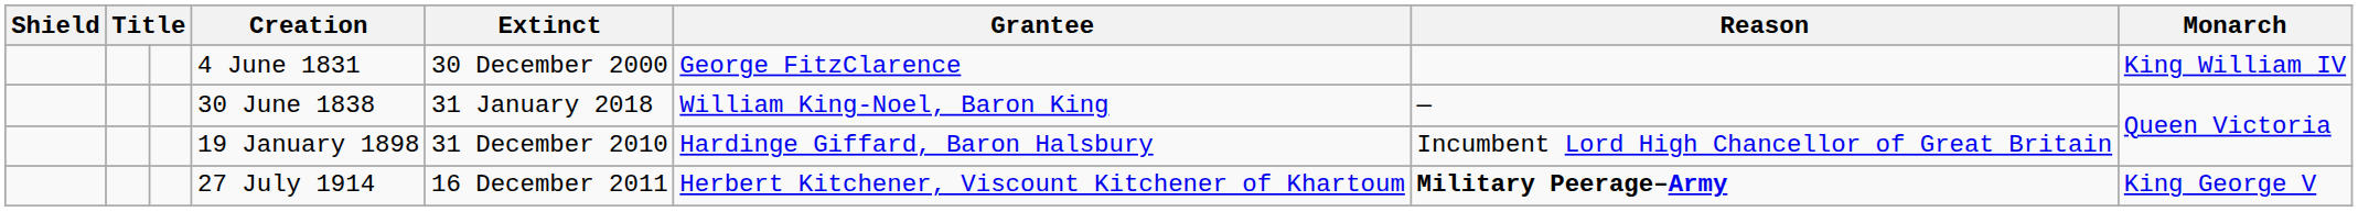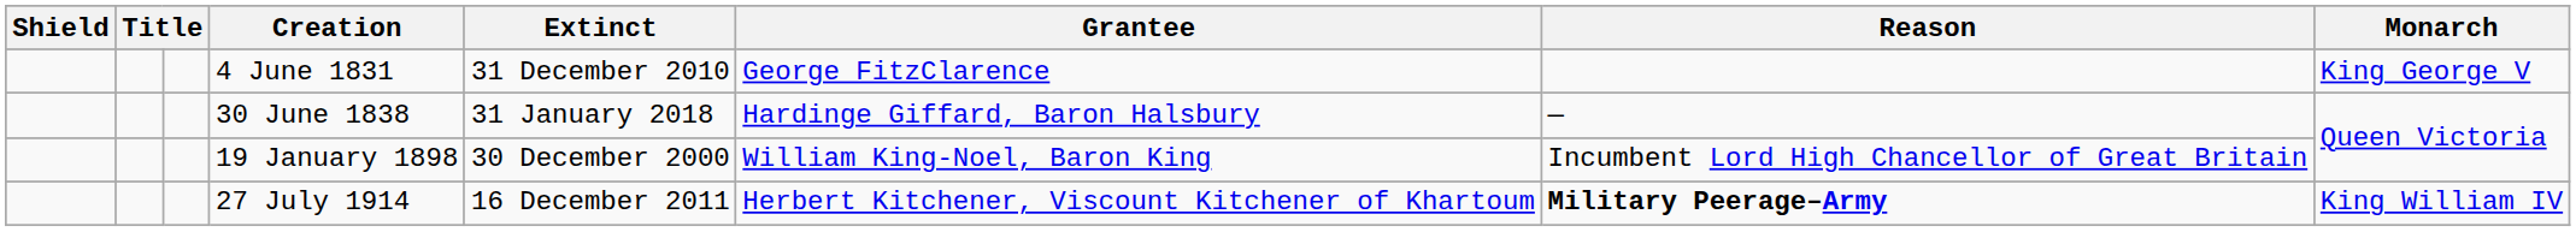 <table class="wikitable sortable">
 <tr>
 <th>Shield</th>
 <th colspan=2>Title</th>
 <th>Creation</th>
 <th>Extinct</th>
 <th>Grantee</th>
 <th>Reason</th>
 <th>Monarch</th>
 </tr>
 <tr>
 <td align=center><br></td>
 <td style="background-color:"></td>
 <td></td>
 <td>4 June 1831</td>
-<td>30 December 2000</td>
+<td>31 December 2010</td>
 <td><a href='#'>George FitzClarence</a></td>
 <td></td>
-<td><a href='#'>King William IV</a></td>
+<td><a href='#'>King George V</a></td>
 </tr>
 <tr>
 <td align=center><br></td>
 <td style="background-color:"></td>
 <td></td>
 <td>30 June 1838</td>
 <td>31 January 2018</td>
-<td> <a href='#'>William King-Noel, Baron King</a></td>
+<td> <a href='#'>Hardinge Giffard, Baron Halsbury</a></td>
 <td>—</td>
 <td rowspan=2><a href='#'>Queen Victoria</a></td>
 </tr>
 <tr>
 <td align=center><br></td>
 <td style="background-color:"></td>
 <td></td>
 <td>19 January 1898</td>
-<td>31 December 2010</td>
-<td> <a href='#'>Hardinge Giffard, Baron Halsbury</a></td>
+<td>30 December 2000</td>
+<td> <a href='#'>William King-Noel, Baron King</a></td>
 <td>Incumbent <a href='#'>Lord High Chancellor of Great Britain</a></td>
 </tr>
 <tr>
 <td align=center><br></td>
 <td style="background-color:"></td>
 <td></td>
 <td>27 July 1914</td>
 <td>16 December 2011</td>
 <td> <a href='#'>Herbert Kitchener, Viscount Kitchener of Khartoum</a></td>
 <td><strong>Military Peerage–<a href='#'>Army</a></strong></td>
-<td><a href='#'>King George V</a></td>
+<td><a href='#'>King William IV</a></td>
 </tr>
 </table>
